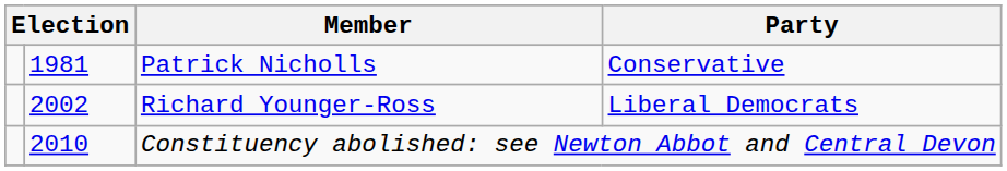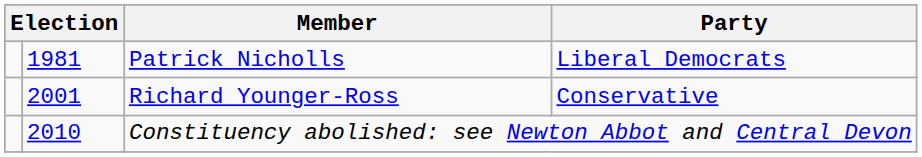 <table class="wikitable">
 <tr>
 <th colspan="2">Election</th>
 <th>Member</th>
 <th>Party</th>
 </tr>
 <tr>
 <td style="color:inherit;background-color: "></td>
 <td><a href='#'>1981</a></td>
 <td><a href='#'>Patrick Nicholls</a></td>
-<td><a href='#'>Conservative</a></td>
+<td><a href='#'>Liberal Democrats</a></td>
 </tr>
 <tr>
 <td style="color:inherit;background-color: "></td>
-<td><a href='#'>2002</a></td>
+<td><a href='#'>2001</a></td>
 <td><a href='#'>Richard Younger-Ross</a></td>
-<td><a href='#'>Liberal Democrats</a></td>
+<td><a href='#'>Conservative</a></td>
 </tr>
 <tr>
 <td></td>
 <td><a href='#'>2010</a></td>
 <td colspan="2"><em>Constituency abolished: see <a href='#'>Newton Abbot</a> and <a href='#'>Central Devon</a></em></td>
 </tr>
 </table>
